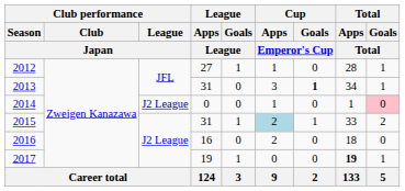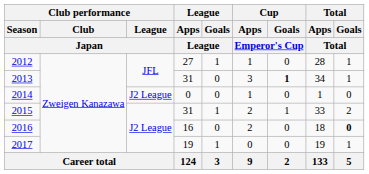 <table class="wikitable" style="text-align:center">
 <tr>
 <th colspan=3>Club performance</th>
 <th colspan=2>League</th>
 <th colspan=2>Cup</th>
 <th colspan=2>Total</th>
 </tr>
 <tr>
 <th>Season</th>
 <th>Club</th>
 <th>League</th>
 <th>Apps</th>
 <th>Goals</th>
 <th>Apps</th>
 <th>Goals</th>
 <th>Apps</th>
 <th>Goals</th>
 </tr>
 <tr>
 <th colspan=3>Japan</th>
 <th colspan=2>League</th>
 <th colspan=2><a href='#'>Emperor's Cup</a></th>
 <th colspan=2>Total</th>
 </tr>
 <tr>
 <td><a href='#'>2012</a></td>
 <td rowspan="6"><a href='#'>Zweigen Kanazawa</a></td>
 <td rowspan="2"><a href='#'>JFL</a></td>
 <td>27</td>
 <td>1</td>
 <td>1</td>
 <td>0</td>
 <td>28</td>
 <td>1</td>
 </tr>
 <tr>
 <td><a href='#'>2013</a></td>
 <td>31</td>
 <td>0</td>
 <td>3</td>
 <td><strong>1</strong></td>
 <td>34</td>
 <td>1</td>
 </tr>
 <tr>
 <td><a href='#'>2014</a></td>
 <td rowspan="1"><a href='#'>J2 League</a></td>
 <td>0</td>
 <td>0</td>
 <td>1</td>
 <td>0</td>
 <td>1</td>
-<td style="background: pink;">0</td>
+<td>0</td>
 </tr>
 <tr>
 <td><a href='#'>2015</a></td>
 <td rowspan="3"><a href='#'>J2 League</a></td>
 <td>31</td>
 <td>1</td>
-<td style="background: lightblue;">2</td>
+<td>2</td>
 <td>1</td>
 <td>33</td>
 <td>2</td>
 </tr>
 <tr>
 <td><a href='#'>2016</a></td>
 <td>16</td>
 <td>0</td>
 <td>2</td>
 <td>0</td>
 <td>18</td>
-<td>0</td>
+<td><strong>0</strong></td>
 </tr>
 <tr>
 <td><a href='#'>2017</a></td>
 <td>19</td>
 <td>1</td>
 <td>0</td>
 <td>0</td>
-<td><strong>19</strong></td>
+<td>19</td>
 <td>1</td>
 </tr>
 <tr>
 <th colspan=3>Career total</th>
 <th>124</th>
 <th>3</th>
 <th>9</th>
 <th>2</th>
 <th>133</th>
 <th>5</th>
 </tr>
 </table>
